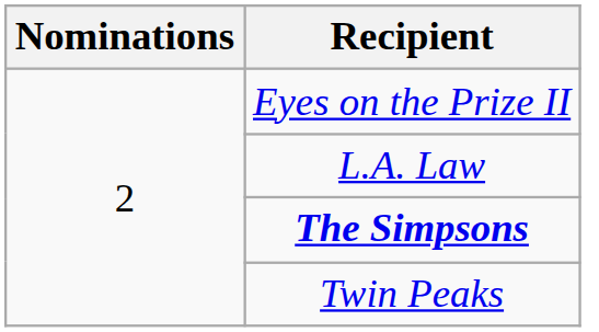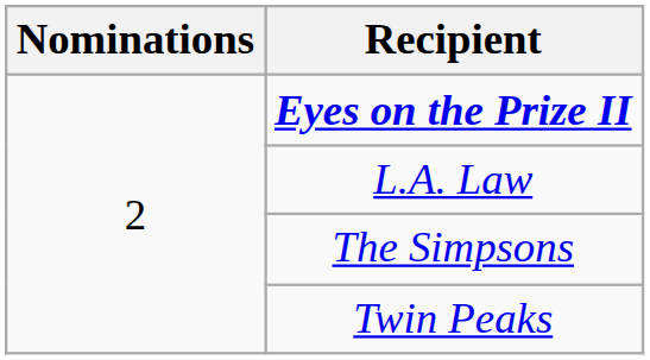 <table class="wikitable sortable" rowspan="2" style="text-align:center;" background: #f6e39c;>
 <tr>
 <th scope="col" style="width:55px;">Nominations</th>
 <th scope="col" style="text-align:center;">Recipient</th>
 </tr>
 <tr>
 <td rowspan="4" style="text-align:center">2</td>
-<td><em><a href='#'>Eyes on the Prize II</a></em></td>
+<td><strong><em><a href='#'>Eyes on the Prize II</a></em></strong></td>
 </tr>
 <tr>
 <td><em><a href='#'>L.A. Law</a></em></td>
 </tr>
 <tr>
-<td><strong><em><a href='#'>The Simpsons</a></em></strong></td>
+<td><em><a href='#'>The Simpsons</a></em></td>
 </tr>
 <tr>
 <td><em><a href='#'>Twin Peaks</a></em></td>
 </tr>
 </table>
